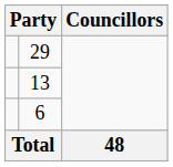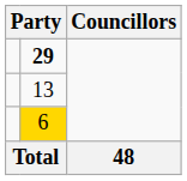 <table class="wikitable">
 <tr>
 <th colspan=2>Party</th>
 <th>Councillors</th>
 </tr>
 <tr>
 <td></td>
-<td align=center>29</td>
+<td align=center><strong>29</strong></td>
 </tr>
 <tr>
 <td></td>
 <td align=center>13</td>
 </tr>
 <tr>
 <td></td>
-<td align=center>6</td>
+<td align=center style="background: gold;">6</td>
 </tr>
 <tr>
 <th colspan=2>Total</th>
 <th align=center>48</th>
 </tr>
 </table>
